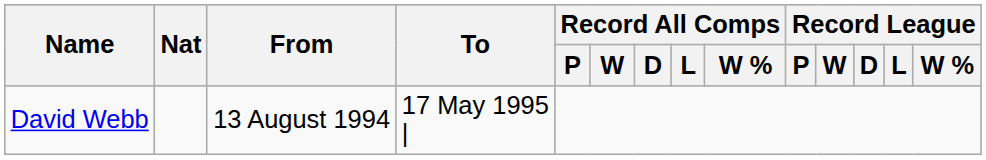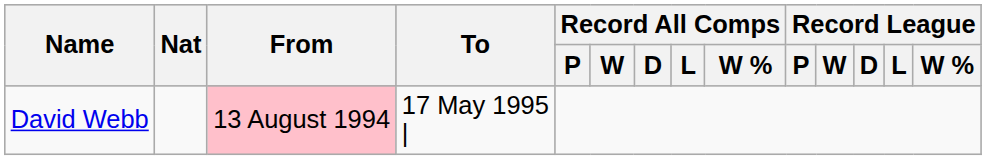 <table class="wikitable" style="text-align: center">
 <tr>
 <th rowspan="2">Name</th>
 <th rowspan="2">Nat</th>
 <th rowspan="2">From</th>
 <th rowspan="2">To</th>
 <th colspan="5">Record All Comps</th>
 <th colspan="5">Record League</th>
 </tr>
 <tr>
 <th>P</th>
 <th>W</th>
 <th>D</th>
 <th>L</th>
 <th>W %</th>
 <th>P</th>
 <th>W</th>
 <th>D</th>
 <th>L</th>
 <th>W %</th>
 </tr>
 <tr>
 <td align=left><a href='#'>David Webb</a></td>
 <td></td>
-<td align=left>13 August 1994</td>
+<td align=left style="background: pink;">13 August 1994</td>
 <td align=left>17 May 1995<br>|</td>
 </tr>
 </table>
